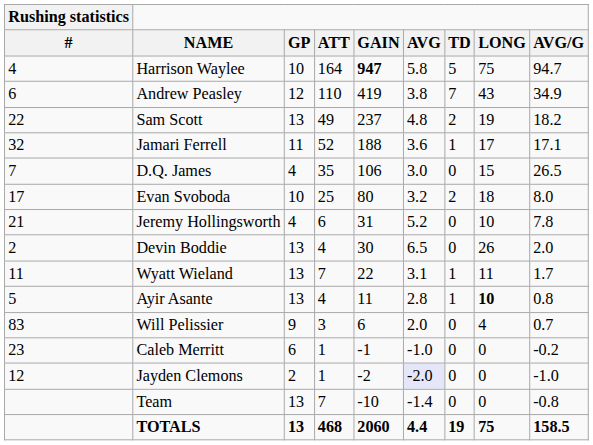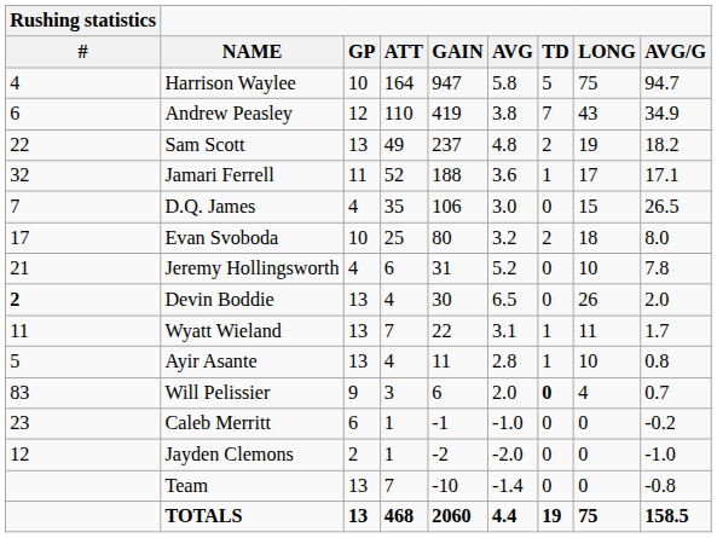 <table class="wikitable collapsible">
 <tr>
 <th style="text-align:center; ">Rushing statistics</th>
 </tr>
 <tr>
 <th>#</th>
 <th>NAME</th>
 <th>GP</th>
 <th>ATT</th>
 <th>GAIN</th>
 <th>AVG</th>
 <th>TD</th>
 <th>LONG</th>
 <th>AVG/G</th>
 </tr>
 <tr>
 <td>4</td>
 <td>Harrison Waylee</td>
 <td>10</td>
 <td>164</td>
-<td><strong>947</strong></td>
+<td>947</td>
 <td>5.8</td>
 <td>5</td>
 <td>75</td>
 <td>94.7</td>
 </tr>
 <tr>
 <td>6</td>
 <td>Andrew Peasley</td>
 <td>12</td>
 <td>110</td>
 <td>419</td>
 <td>3.8</td>
 <td>7</td>
 <td>43</td>
 <td>34.9</td>
 </tr>
 <tr>
 <td>22</td>
 <td>Sam Scott</td>
 <td>13</td>
 <td>49</td>
 <td>237</td>
 <td>4.8</td>
 <td>2</td>
 <td>19</td>
 <td>18.2</td>
 </tr>
 <tr>
 <td>32</td>
 <td>Jamari Ferrell</td>
 <td>11</td>
 <td>52</td>
 <td>188</td>
 <td>3.6</td>
 <td>1</td>
 <td>17</td>
 <td>17.1</td>
 </tr>
 <tr>
 <td>7</td>
 <td>D.Q. James</td>
 <td>4</td>
 <td>35</td>
 <td>106</td>
 <td>3.0</td>
 <td>0</td>
 <td>15</td>
 <td>26.5</td>
 </tr>
 <tr>
 <td>17</td>
 <td>Evan Svoboda</td>
 <td>10</td>
 <td>25</td>
 <td>80</td>
 <td>3.2</td>
 <td>2</td>
 <td>18</td>
 <td>8.0</td>
 </tr>
 <tr>
 <td>21</td>
 <td>Jeremy Hollingsworth</td>
 <td>4</td>
 <td>6</td>
 <td>31</td>
 <td>5.2</td>
 <td>0</td>
 <td>10</td>
 <td>7.8</td>
 </tr>
 <tr>
-<td>2</td>
+<td><strong>2</strong></td>
 <td>Devin Boddie</td>
 <td>13</td>
 <td>4</td>
 <td>30</td>
 <td>6.5</td>
 <td>0</td>
 <td>26</td>
 <td>2.0</td>
 </tr>
 <tr>
 <td>11</td>
 <td>Wyatt Wieland</td>
 <td>13</td>
 <td>7</td>
 <td>22</td>
 <td>3.1</td>
 <td>1</td>
 <td>11</td>
 <td>1.7</td>
 </tr>
 <tr>
 <td>5</td>
 <td>Ayir Asante</td>
 <td>13</td>
 <td>4</td>
 <td>11</td>
 <td>2.8</td>
 <td>1</td>
-<td><strong>10</strong></td>
+<td>10</td>
 <td>0.8</td>
 </tr>
 <tr>
 <td>83</td>
 <td>Will Pelissier</td>
 <td>9</td>
 <td>3</td>
 <td>6</td>
 <td>2.0</td>
-<td>0</td>
+<td><strong>0</strong></td>
 <td>4</td>
 <td>0.7</td>
 </tr>
 <tr>
 <td>23</td>
 <td>Caleb Merritt</td>
 <td>6</td>
 <td>1</td>
 <td>-1</td>
 <td>-1.0</td>
 <td>0</td>
 <td>0</td>
 <td>-0.2</td>
 </tr>
 <tr>
 <td>12</td>
 <td>Jayden Clemons</td>
 <td>2</td>
 <td>1</td>
 <td>-2</td>
-<td style="background: lavender;">-2.0</td>
+<td>-2.0</td>
 <td>0</td>
 <td>0</td>
 <td>-1.0</td>
 </tr>
 <tr>
 <td></td>
 <td>Team</td>
 <td>13</td>
 <td>7</td>
 <td>-10</td>
 <td>-1.4</td>
 <td>0</td>
 <td>0</td>
 <td>-0.8</td>
 </tr>
 <tr>
 <td></td>
 <td><strong>TOTALS</strong></td>
 <td><strong>13</strong></td>
 <td><strong>468</strong></td>
 <td><strong>2060</strong></td>
 <td><strong>4.4</strong></td>
 <td><strong>19</strong></td>
 <td><strong>75</strong></td>
 <td><strong>158.5</strong></td>
 </tr>
 </table>
